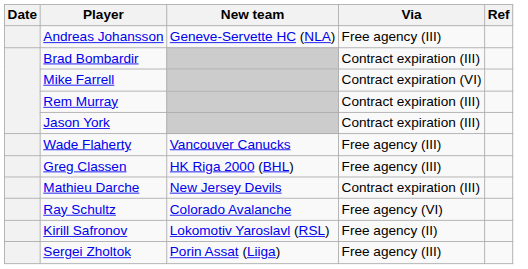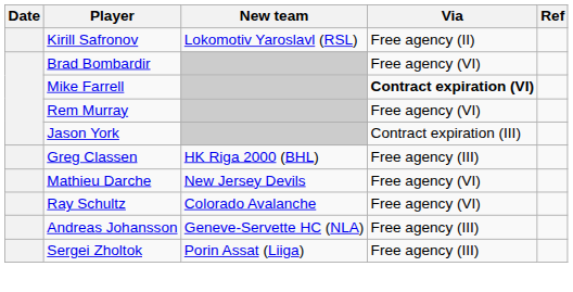 <table class="wikitable plainrowheaders">
 <tr style="background:#ddd; text-align:center;">
 <th>Date</th>
 <th>Player</th>
 <th>New team</th>
 <th>Via</th>
 <th>Ref</th>
 </tr>
 <tr>
 <th scope="row"></th>
-<td><a href='#'>Andreas Johansson</a></td>
-<td><a href='#'>Geneve-Servette HC</a> (<a href='#'>NLA</a>)</td>
-<td>Free agency (III)</td>
+<td><a href='#'>Kirill Safronov</a></td>
+<td><a href='#'>Lokomotiv Yaroslavl</a> (<a href='#'>RSL</a>)</td>
+<td>Free agency (II)</td>
 <td></td>
 </tr>
 <tr>
 <th scope="row" rowspan=4></th>
 <td><a href='#'>Brad Bombardir</a></td>
 <td style="background:#ccc"></td>
-<td>Contract expiration (III)</td>
+<td>Free agency (VI)</td>
 <td></td>
 </tr>
 <tr>
 <td><a href='#'>Mike Farrell</a></td>
 <td style="background:#ccc"></td>
-<td>Contract expiration (VI)</td>
+<td><strong>Contract expiration (VI)</strong></td>
 <td></td>
 </tr>
 <tr>
 <td><a href='#'>Rem Murray</a></td>
 <td style="background:#ccc"></td>
-<td>Contract expiration (III)</td>
+<td>Free agency (VI)</td>
 <td></td>
 </tr>
 <tr>
 <td><a href='#'>Jason York</a></td>
 <td style="background:#ccc"></td>
 <td>Contract expiration (III)</td>
-<td></td>
-</tr>
-<tr>
-<th scope="row"></th>
-<td><a href='#'>Wade Flaherty</a></td>
-<td><a href='#'>Vancouver Canucks</a></td>
-<td>Free agency (III)</td>
 <td></td>
 </tr>
 <tr>
 <th scope="row"></th>
 <td><a href='#'>Greg Classen</a></td>
 <td><a href='#'>HK Riga 2000</a> (<a href='#'>BHL</a>)</td>
 <td>Free agency (III)</td>
 <td></td>
 </tr>
 <tr>
 <th scope="row"></th>
 <td><a href='#'>Mathieu Darche</a></td>
 <td><a href='#'>New Jersey Devils</a></td>
-<td>Contract expiration (III)</td>
+<td>Free agency (VI)</td>
 <td></td>
 </tr>
 <tr>
 <th scope="row"></th>
 <td><a href='#'>Ray Schultz</a></td>
 <td><a href='#'>Colorado Avalanche</a></td>
 <td>Free agency (VI)</td>
 <td></td>
 </tr>
 <tr>
 <th scope="row"></th>
-<td><a href='#'>Kirill Safronov</a></td>
-<td><a href='#'>Lokomotiv Yaroslavl</a> (<a href='#'>RSL</a>)</td>
-<td>Free agency (II)</td>
+<td><a href='#'>Andreas Johansson</a></td>
+<td><a href='#'>Geneve-Servette HC</a> (<a href='#'>NLA</a>)</td>
+<td>Free agency (III)</td>
 <td></td>
 </tr>
 <tr>
 <th scope="row"></th>
 <td><a href='#'>Sergei Zholtok</a></td>
 <td><a href='#'>Porin Assat</a> (<a href='#'>Liiga</a>)</td>
 <td>Free agency (III)</td>
 <td></td>
 </tr>
 </table>
